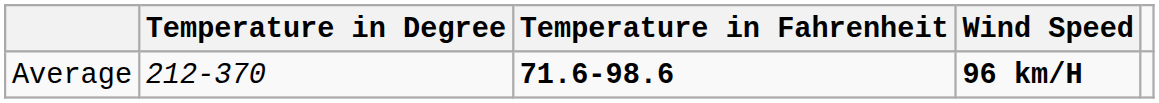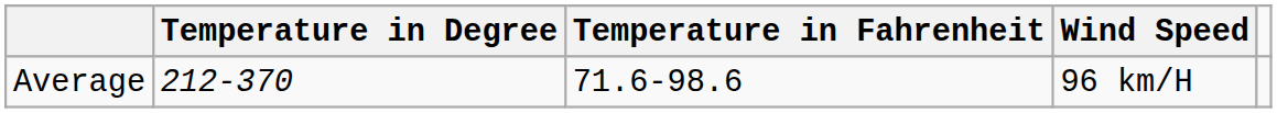 <table class="wikitable">
 <tr style="background:#ccc; text-align:center;">
 <th></th>
 <th>Temperature in Degree</th>
 <th>Temperature in Fahrenheit</th>
 <th>Wind Speed</th>
 </tr>
 <tr>
 <td>Average</td>
 <td><em>212-370</em></td>
-<td><strong>71.6-98.6</strong></td>
-<td><strong>96 km/H</strong></td>
+<td>71.6-98.6</td>
+<td>96 km/H</td>
 <td></td>
 </tr>
 </table>
